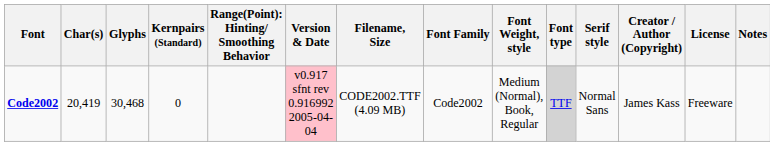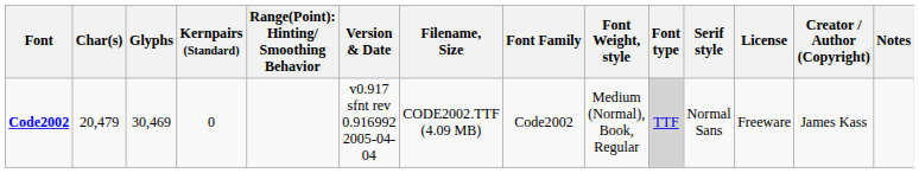 <table class="sortable wikitable" style="text-align:center;vertical-align:middle;font-size:92%;">
 <tr>
 <th>Font</th>
 <th>Char(s)</th>
 <th>Glyphs</th>
 <th>Kernpairs<br><small>(Standard)</small></th>
 <th>Range(Point): Hinting/<br>Smoothing Behavior</th>
 <th>Version & Date</th>
 <th>Filename,<br>Size</th>
 <th>Font Family</th>
 <th>Font Weight,<br>style</th>
 <th>Font<br>type</th>
 <th>Serif<br>style</th>
+<th>License</th>
 <th>Creator / Author (Copyright)</th>
-<th>License</th>
 <th>Notes</th>
 </tr>
 <tr>
 <td><strong><a href='#'>Code2002</a></strong></td>
-<td>20,419</td>
-<td>30,468</td>
+<td>20,479</td>
+<td>30,469</td>
 <td>0</td>
 <td></td>
-<td style="background: pink;">v0.917 sfnt rev 0.916992<br>2005-04-04</td>
+<td>v0.917 sfnt rev 0.916992<br>2005-04-04</td>
 <td>CODE2002.TTF<br>(4.09 MB)</td>
 <td>Code2002</td>
 <td>Medium (Normal), Book, Regular</td>
 <td style="background: lightgrey;"><a href='#'>TTF</a></td>
 <td>Normal Sans</td>
+<td>Freeware</td>
 <td>James Kass</td>
-<td>Freeware</td>
 <td></td>
 </tr>
 </table>
